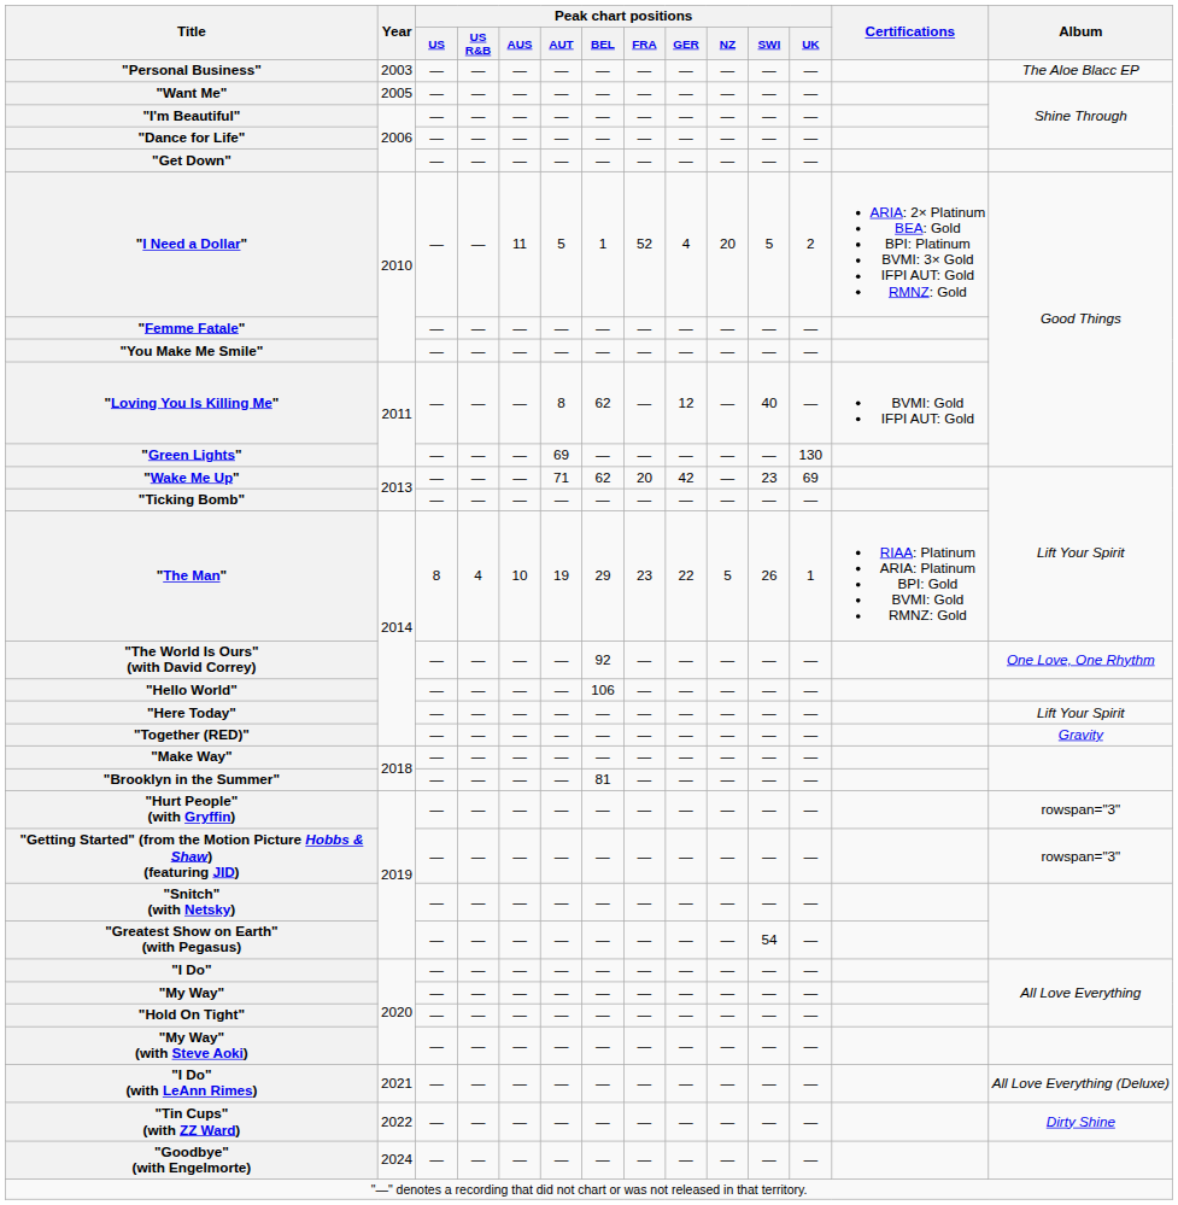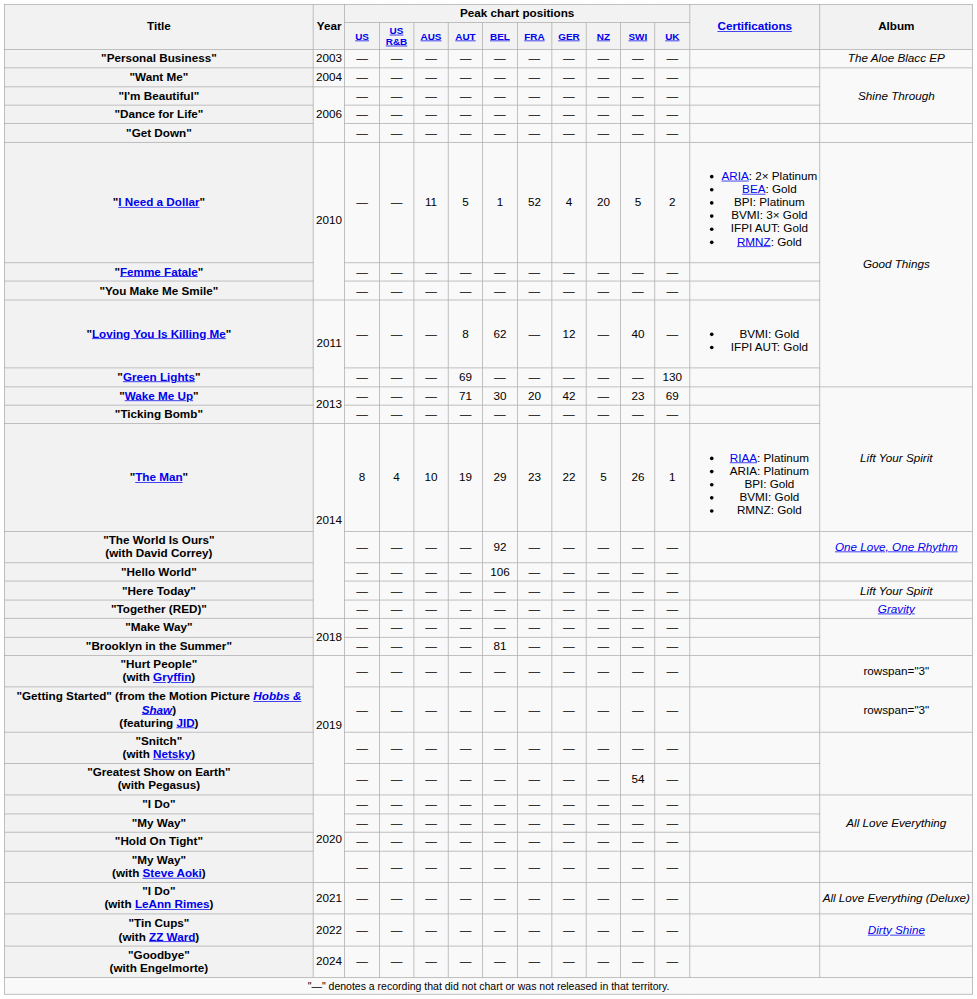 <table class="wikitable plainrowheaders" style="text-align:center;">
 <tr>
 <th scope="col" rowspan="2" style="width:26em;">Title</th>
 <th scope="col" rowspan="2" style="width:1em;">Year</th>
 <th scope="col" colspan="10">Peak chart positions</th>
 <th scope="col" rowspan="2"><a href='#'>Certifications</a></th>
 <th scope="col" rowspan="2">Album</th>
 </tr>
 <tr>
 <th scope="col" style="width:3em;font-size:85%;"><a href='#'>US</a><br></th>
 <th scope="col" style="width:3em;font-size:85%;"><a href='#'>US<br>R&B</a><br></th>
 <th scope="col" style="width:3em;font-size:85%;"><a href='#'>AUS</a><br></th>
 <th scope="col" style="width:3em;font-size:85%;"><a href='#'>AUT</a><br></th>
 <th scope="col" style="width:3em;font-size:85%;"><a href='#'>BEL</a><br></th>
 <th scope="col" style="width:3em;font-size:85%;"><a href='#'>FRA</a><br></th>
 <th scope="col" style="width:3em;font-size:85%;"><a href='#'>GER</a><br></th>
 <th scope="col" style="width:3em;font-size:85%;"><a href='#'>NZ</a><br></th>
 <th scope="col" style="width:3em;font-size:85%;"><a href='#'>SWI</a><br></th>
 <th scope="col" style="width:3em;font-size:85%;"><a href='#'>UK</a><br></th>
 </tr>
 <tr>
 <th scope="row">"Personal Business"</th>
 <td>2003</td>
 <td>—</td>
 <td>—</td>
 <td>—</td>
 <td>—</td>
 <td>—</td>
 <td>—</td>
 <td>—</td>
 <td>—</td>
 <td>—</td>
 <td>—</td>
 <td></td>
 <td><em>The Aloe Blacc EP</em></td>
 </tr>
 <tr>
 <th scope="row">"Want Me"</th>
-<td>2005</td>
+<td>2004</td>
 <td>—</td>
 <td>—</td>
 <td>—</td>
 <td>—</td>
 <td>—</td>
 <td>—</td>
 <td>—</td>
 <td>—</td>
 <td>—</td>
 <td>—</td>
 <td></td>
 <td rowspan="3"><em>Shine Through</em></td>
 </tr>
 <tr>
 <th scope="row">"I'm Beautiful"</th>
 <td rowspan="3">2006</td>
 <td>—</td>
 <td>—</td>
 <td>—</td>
 <td>—</td>
 <td>—</td>
 <td>—</td>
 <td>—</td>
 <td>—</td>
 <td>—</td>
 <td>—</td>
 <td></td>
 </tr>
 <tr>
 <th scope="row">"Dance for Life"</th>
 <td>—</td>
 <td>—</td>
 <td>—</td>
 <td>—</td>
 <td>—</td>
 <td>—</td>
 <td>—</td>
 <td>—</td>
 <td>—</td>
 <td>—</td>
 <td></td>
 </tr>
 <tr>
 <th scope="row">"Get Down"</th>
 <td>—</td>
 <td>—</td>
 <td>—</td>
 <td>—</td>
 <td>—</td>
 <td>—</td>
 <td>—</td>
 <td>—</td>
 <td>—</td>
 <td>—</td>
 <td></td>
 <td></td>
 </tr>
 <tr>
 <th scope="row">"<a href='#'>I Need a Dollar</a>"</th>
 <td rowspan="3">2010</td>
 <td>—</td>
 <td>—</td>
 <td>11</td>
 <td>5</td>
 <td>1</td>
 <td>52</td>
 <td>4</td>
 <td>20</td>
 <td>5</td>
 <td>2</td>
 <td><br><ul><li><a href='#'>ARIA</a>: 2× Platinum</li><li><a href='#'>BEA</a>: Gold</li><li>BPI: Platinum</li><li>BVMI: 3× Gold</li><li>IFPI AUT: Gold</li><li><a href='#'>RMNZ</a>: Gold</li></ul></td>
 <td rowspan="5"><em>Good Things</em></td>
 </tr>
 <tr>
 <th scope="row">"<a href='#'>Femme Fatale</a>"</th>
 <td>—</td>
 <td>—</td>
 <td>—</td>
 <td>—</td>
 <td>—</td>
 <td>—</td>
 <td>—</td>
 <td>—</td>
 <td>—</td>
 <td>—</td>
 <td></td>
 </tr>
 <tr>
 <th scope="row">"You Make Me Smile"</th>
 <td>—</td>
 <td>—</td>
 <td>—</td>
 <td>—</td>
 <td>—</td>
 <td>—</td>
 <td>—</td>
 <td>—</td>
 <td>—</td>
 <td>—</td>
 <td></td>
 </tr>
 <tr>
 <th scope="row">"<a href='#'>Loving You Is Killing Me</a>"</th>
 <td rowspan="2">2011</td>
 <td>—</td>
 <td>—</td>
 <td>—</td>
 <td>8</td>
 <td>62</td>
 <td>—</td>
 <td>12</td>
 <td>—</td>
 <td>40</td>
 <td>—</td>
 <td><br><ul><li>BVMI: Gold</li><li>IFPI AUT: Gold</li></ul></td>
 </tr>
 <tr>
 <th scope="row">"<a href='#'>Green Lights</a>"</th>
 <td>—</td>
 <td>—</td>
 <td>—</td>
 <td>69</td>
 <td>—</td>
 <td>—</td>
 <td>—</td>
 <td>—</td>
 <td>—</td>
 <td>130</td>
 <td></td>
 </tr>
 <tr>
 <th scope="row">"<a href='#'>Wake Me Up</a>"</th>
 <td rowspan="2">2013</td>
 <td>—</td>
 <td>—</td>
 <td>—</td>
 <td>71</td>
-<td>62</td>
+<td>30</td>
 <td>20</td>
 <td>42</td>
 <td>—</td>
 <td>23</td>
 <td>69</td>
 <td></td>
 <td rowspan="3"><em>Lift Your Spirit</em></td>
 </tr>
 <tr>
 <th scope="row">"Ticking Bomb"</th>
 <td>—</td>
 <td>—</td>
 <td>—</td>
 <td>—</td>
 <td>—</td>
 <td>—</td>
 <td>—</td>
 <td>—</td>
 <td>—</td>
 <td>—</td>
 <td></td>
 </tr>
 <tr>
 <th scope="row">"<a href='#'>The Man</a>"</th>
 <td rowspan="5">2014</td>
 <td>8</td>
 <td>4</td>
 <td>10</td>
 <td>19</td>
 <td>29</td>
 <td>23</td>
 <td>22</td>
 <td>5</td>
 <td>26</td>
 <td>1</td>
 <td><br><ul><li><a href='#'>RIAA</a>: Platinum</li><li>ARIA: Platinum</li><li>BPI: Gold</li><li>BVMI: Gold</li><li>RMNZ: Gold</li></ul></td>
 </tr>
 <tr>
 <th scope="row">"The World Is Ours"<br><span>(with David Correy)</span></th>
 <td>—</td>
 <td>—</td>
 <td>—</td>
 <td>—</td>
 <td>92</td>
 <td>—</td>
 <td>—</td>
 <td>—</td>
 <td>—</td>
 <td>—</td>
 <td></td>
 <td><em><a href='#'>One Love, One Rhythm</a></em></td>
 </tr>
 <tr>
 <th scope="row">"Hello World"</th>
 <td>—</td>
 <td>—</td>
 <td>—</td>
 <td>—</td>
 <td>106</td>
 <td>—</td>
 <td>—</td>
 <td>—</td>
 <td>—</td>
 <td>—</td>
 <td></td>
 <td></td>
 </tr>
 <tr>
 <th scope="row">"Here Today"</th>
 <td>—</td>
 <td>—</td>
 <td>—</td>
 <td>—</td>
 <td>—</td>
 <td>—</td>
 <td>—</td>
 <td>—</td>
 <td>—</td>
 <td>—</td>
 <td></td>
 <td><em>Lift Your Spirit</em></td>
 </tr>
 <tr>
 <th scope="row">"Together (RED)"</th>
 <td>—</td>
 <td>—</td>
 <td>—</td>
 <td>—</td>
 <td>—</td>
 <td>—</td>
 <td>—</td>
 <td>—</td>
 <td>—</td>
 <td>—</td>
 <td></td>
 <td><em><a href='#'>Gravity</a></em></td>
 </tr>
 <tr>
 <th scope="row">"Make Way"</th>
 <td rowspan="2">2018</td>
 <td>—</td>
 <td>—</td>
 <td>—</td>
 <td>—</td>
 <td>—</td>
 <td>—</td>
 <td>—</td>
 <td>—</td>
 <td>—</td>
 <td>—</td>
 <td></td>
 </tr>
 <tr>
 <th scope="row">"Brooklyn in the Summer"</th>
 <td>—</td>
 <td>—</td>
 <td>—</td>
 <td>—</td>
 <td>81</td>
 <td>—</td>
 <td>—</td>
 <td>—</td>
 <td>—</td>
 <td>—</td>
 <td></td>
 </tr>
 <tr>
 <th scope="row">"Hurt People" <br><span>(with <a href='#'>Gryffin</a>)</span></th>
 <td rowspan="4">2019</td>
 <td>—</td>
 <td>—</td>
 <td>—</td>
 <td>—</td>
 <td>—</td>
 <td>—</td>
 <td>—</td>
 <td>—</td>
 <td>—</td>
 <td>—</td>
 <td></td>
 <td>rowspan="3" </td>
 </tr>
 <tr>
 <th scope="row">"Getting Started" (from the Motion Picture <em><a href='#'>Hobbs & Shaw</a></em>)<br><span>(featuring <a href='#'>JID</a>)</span></th>
 <td>—</td>
 <td>—</td>
 <td>—</td>
 <td>—</td>
 <td>—</td>
 <td>—</td>
 <td>—</td>
 <td>—</td>
 <td>—</td>
 <td>—</td>
 <td></td>
 <td>rowspan="3" </td>
 </tr>
 <tr>
 <th scope="row">"Snitch" <br><span>(with <a href='#'>Netsky</a>)</span></th>
 <td>—</td>
 <td>—</td>
 <td>—</td>
 <td>—</td>
 <td>—</td>
 <td>—</td>
 <td>—</td>
 <td>—</td>
 <td>—</td>
 <td>—</td>
 <td></td>
 </tr>
 <tr>
 <th scope="row">"Greatest Show on Earth" <br><span>(with Pegasus)</span></th>
 <td>—</td>
 <td>—</td>
 <td>—</td>
 <td>—</td>
 <td>—</td>
 <td>—</td>
 <td>—</td>
 <td>—</td>
 <td>54</td>
 <td>—</td>
 <td></td>
 </tr>
 <tr>
 <th scope="row">"I Do"</th>
 <td rowspan="4">2020</td>
 <td>—</td>
 <td>—</td>
 <td>—</td>
 <td>—</td>
 <td>—</td>
 <td>—</td>
 <td>—</td>
 <td>—</td>
 <td>—</td>
 <td>—</td>
 <td></td>
 <td rowspan="3"><em>All Love Everything</em></td>
 </tr>
 <tr>
 <th scope="row">"My Way"</th>
 <td>—</td>
 <td>—</td>
 <td>—</td>
 <td>—</td>
 <td>—</td>
 <td>—</td>
 <td>—</td>
 <td>—</td>
 <td>—</td>
 <td>—</td>
 <td></td>
 </tr>
 <tr>
 <th scope="row">"Hold On Tight"</th>
 <td>—</td>
 <td>—</td>
 <td>—</td>
 <td>—</td>
 <td>—</td>
 <td>—</td>
 <td>—</td>
 <td>—</td>
 <td>—</td>
 <td>—</td>
 <td></td>
 </tr>
 <tr>
 <th scope="row">"My Way" <br><span>(with <a href='#'>Steve Aoki</a>)</span></th>
 <td>—</td>
 <td>—</td>
 <td>—</td>
 <td>—</td>
 <td>—</td>
 <td>—</td>
 <td>—</td>
 <td>—</td>
 <td>—</td>
 <td>—</td>
 <td></td>
 <td></td>
 </tr>
 <tr>
 <th scope="row">"I Do"<br><span>(with <a href='#'>LeAnn Rimes</a>)</span></th>
 <td>2021</td>
 <td>—</td>
 <td>—</td>
 <td>—</td>
 <td>—</td>
 <td>—</td>
 <td>—</td>
 <td>—</td>
 <td>—</td>
 <td>—</td>
 <td>—</td>
 <td></td>
 <td><em>All Love Everything (Deluxe)</em></td>
 </tr>
 <tr>
 <th scope="row">"Tin Cups"<br><span>(with <a href='#'>ZZ Ward</a>)</span></th>
 <td>2022</td>
 <td>—</td>
 <td>—</td>
 <td>—</td>
 <td>—</td>
 <td>—</td>
 <td>—</td>
 <td>—</td>
 <td>—</td>
 <td>—</td>
 <td>—</td>
 <td></td>
 <td><em><a href='#'>Dirty Shine</a></em></td>
 </tr>
 <tr>
 <th scope="row">"Goodbye"<br><span>(with Engelmorte)</span></th>
 <td>2024</td>
 <td>—</td>
 <td>—</td>
 <td>—</td>
 <td>—</td>
 <td>—</td>
 <td>—</td>
 <td>—</td>
 <td>—</td>
 <td>—</td>
 <td>—</td>
 <td></td>
 <td></td>
 </tr>
 <tr>
 <td colspan="15" style="font-size:90%">"—" denotes a recording that did not chart or was not released in that territory.</td>
 </tr>
 </table>
